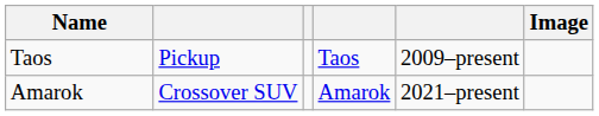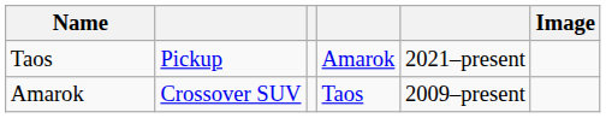 <table class= "wikitable sortable">
 <tr>
 <th width= 100px>Name</th>
 <th width=></th>
 <th width=></th>
 <th width=></th>
 <th width=></th>
 <th>Image</th>
 </tr>
 <tr>
 <td>Taos</td>
 <td><a href='#'>Pickup</a></td>
 <td></td>
-<td><a href='#'>Taos</a></td>
-<td>2009–present</td>
+<td><a href='#'>Amarok</a></td>
+<td>2021–present </td>
 <td></td>
 </tr>
 <tr>
 <td>Amarok</td>
 <td><a href='#'>Crossover SUV</a></td>
 <td></td>
-<td><a href='#'>Amarok</a></td>
-<td>2021–present </td>
+<td><a href='#'>Taos</a></td>
+<td>2009–present</td>
 <td></td>
 </tr>
 </table>
